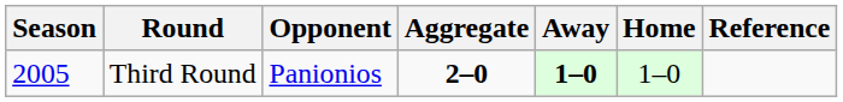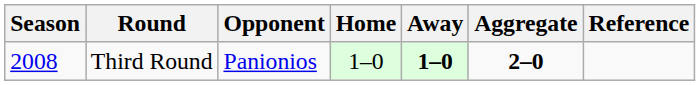 <table class="wikitable">
 <tr>
 <th>Season</th>
 <th>Round</th>
 <th>Opponent</th>
+<th>Home</th>
+<th>Away</th>
 <th>Aggregate</th>
-<th>Away</th>
-<th>Home</th>
 <th>Reference</th>
 </tr>
 <tr>
-<td><a href='#'>2005</a></td>
+<td><a href='#'>2008</a></td>
 <td>Third Round</td>
 <td> <a href='#'>Panionios</a></td>
+<td style="text-align:center; background:#dfd;">1–0</td>
+<td style="text-align:center; background:#dfd;"><strong>1–0</strong></td>
 <td style="text-align:center;"><strong>2–0</strong></td>
-<td style="text-align:center; background:#dfd;"><strong>1–0</strong></td>
-<td style="text-align:center; background:#dfd;">1–0</td>
 <td style="text-align:center;"></td>
 </tr>
 </table>
